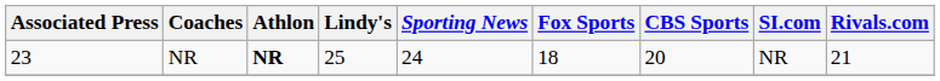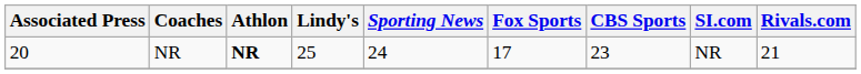 <table class="wikitable" style="white-space:nowrap; font-size:90%;">
 <tr>
 <th>Associated Press</th>
 <th>Coaches</th>
 <th>Athlon</th>
 <th>Lindy's</th>
 <th><em><a href='#'>Sporting News</a></em></th>
 <th><a href='#'>Fox Sports</a></th>
 <th><a href='#'>CBS Sports</a></th>
 <th><a href='#'>SI.com</a></th>
 <th><a href='#'>Rivals.com</a></th>
 </tr>
 <tr>
-<td>23</td>
+<td>20</td>
 <td>NR</td>
 <td><strong>NR</strong></td>
 <td>25</td>
 <td>24</td>
-<td>18</td>
-<td>20</td>
+<td>17</td>
+<td>23</td>
 <td>NR</td>
 <td>21</td>
 </tr>
 <tr>
 </tr>
 </table>
